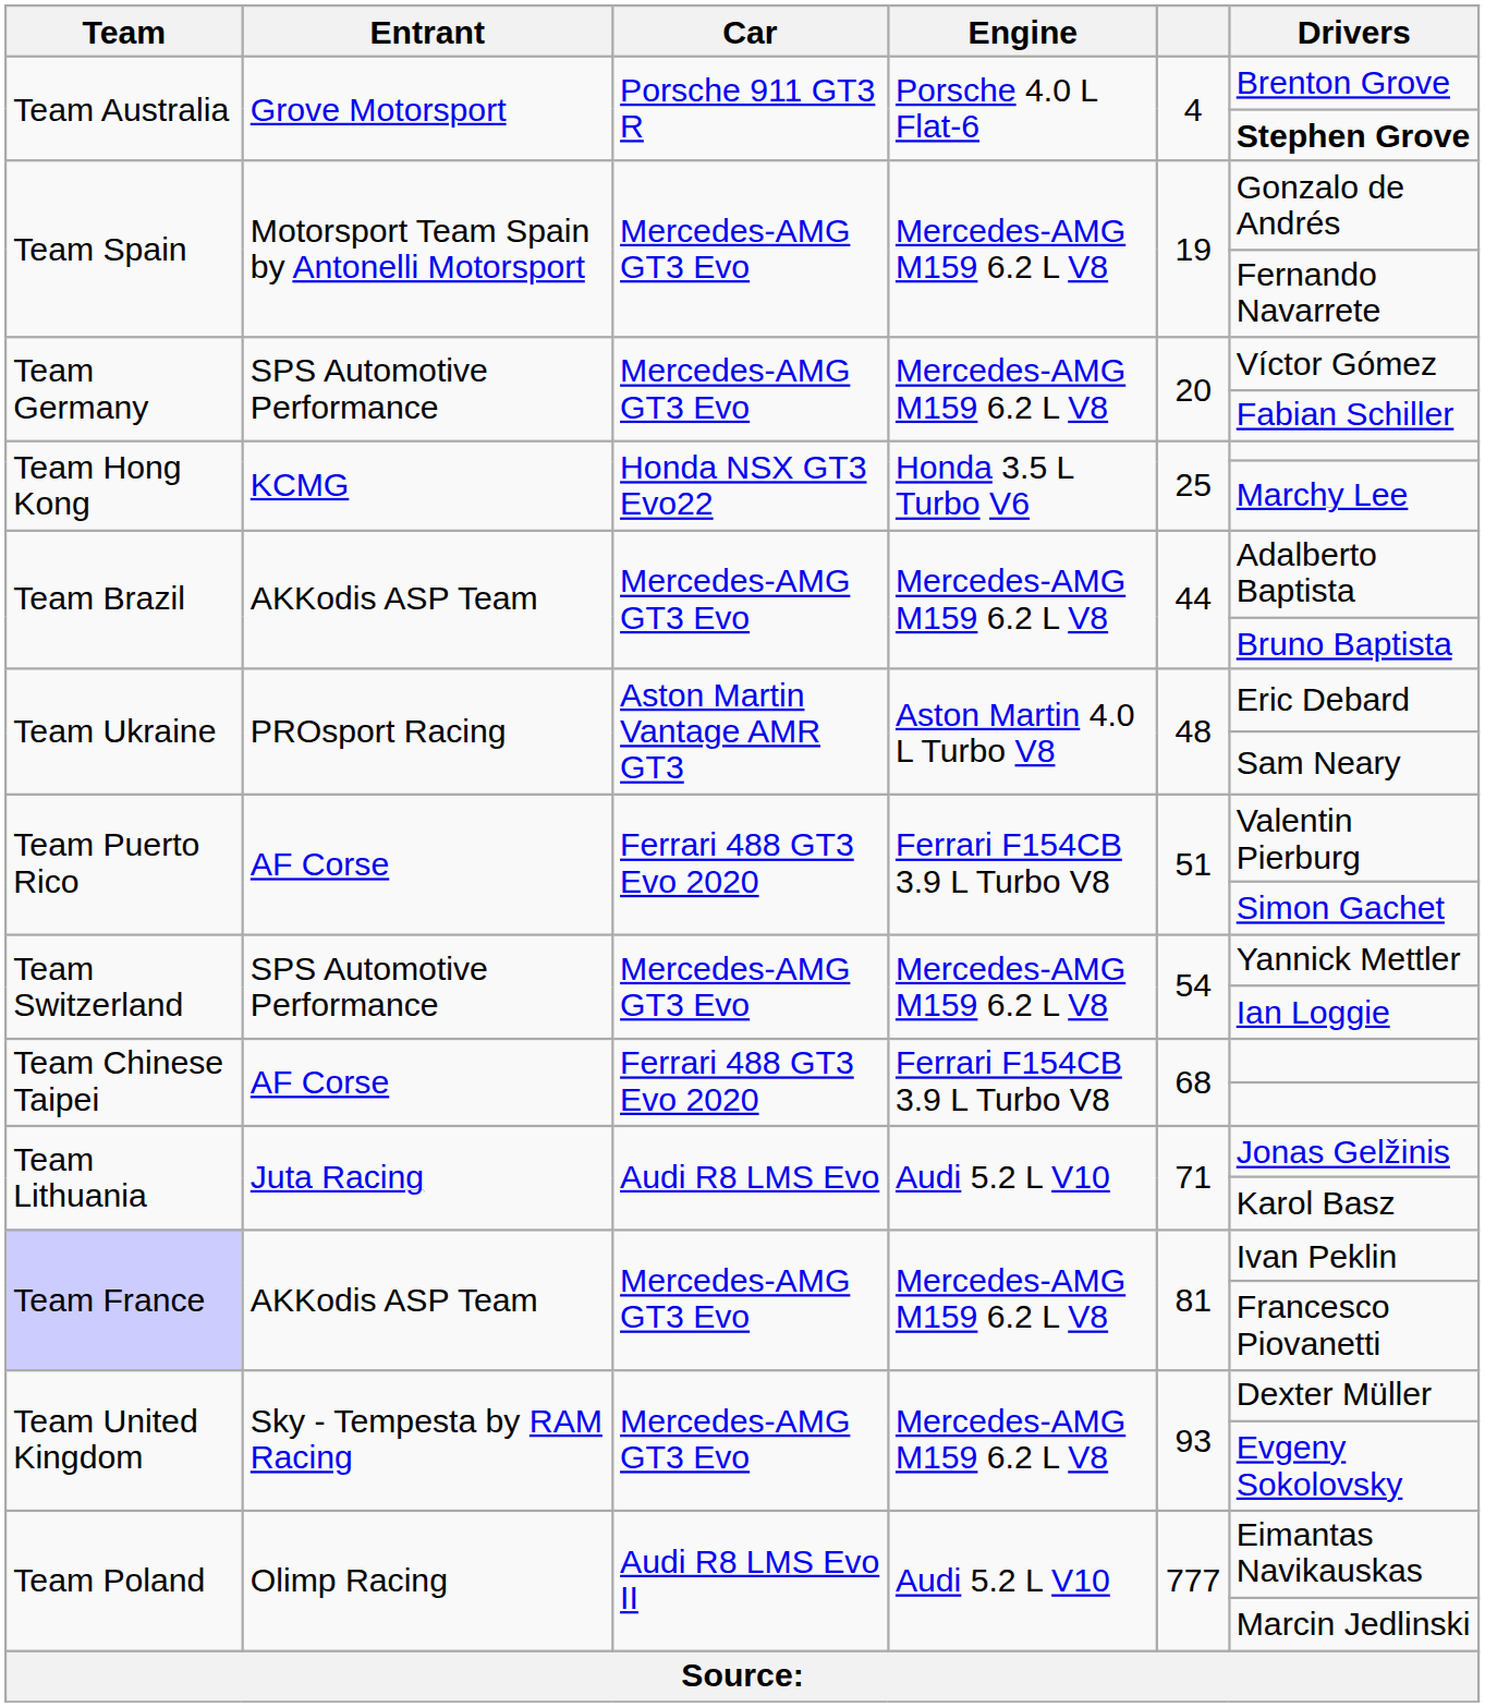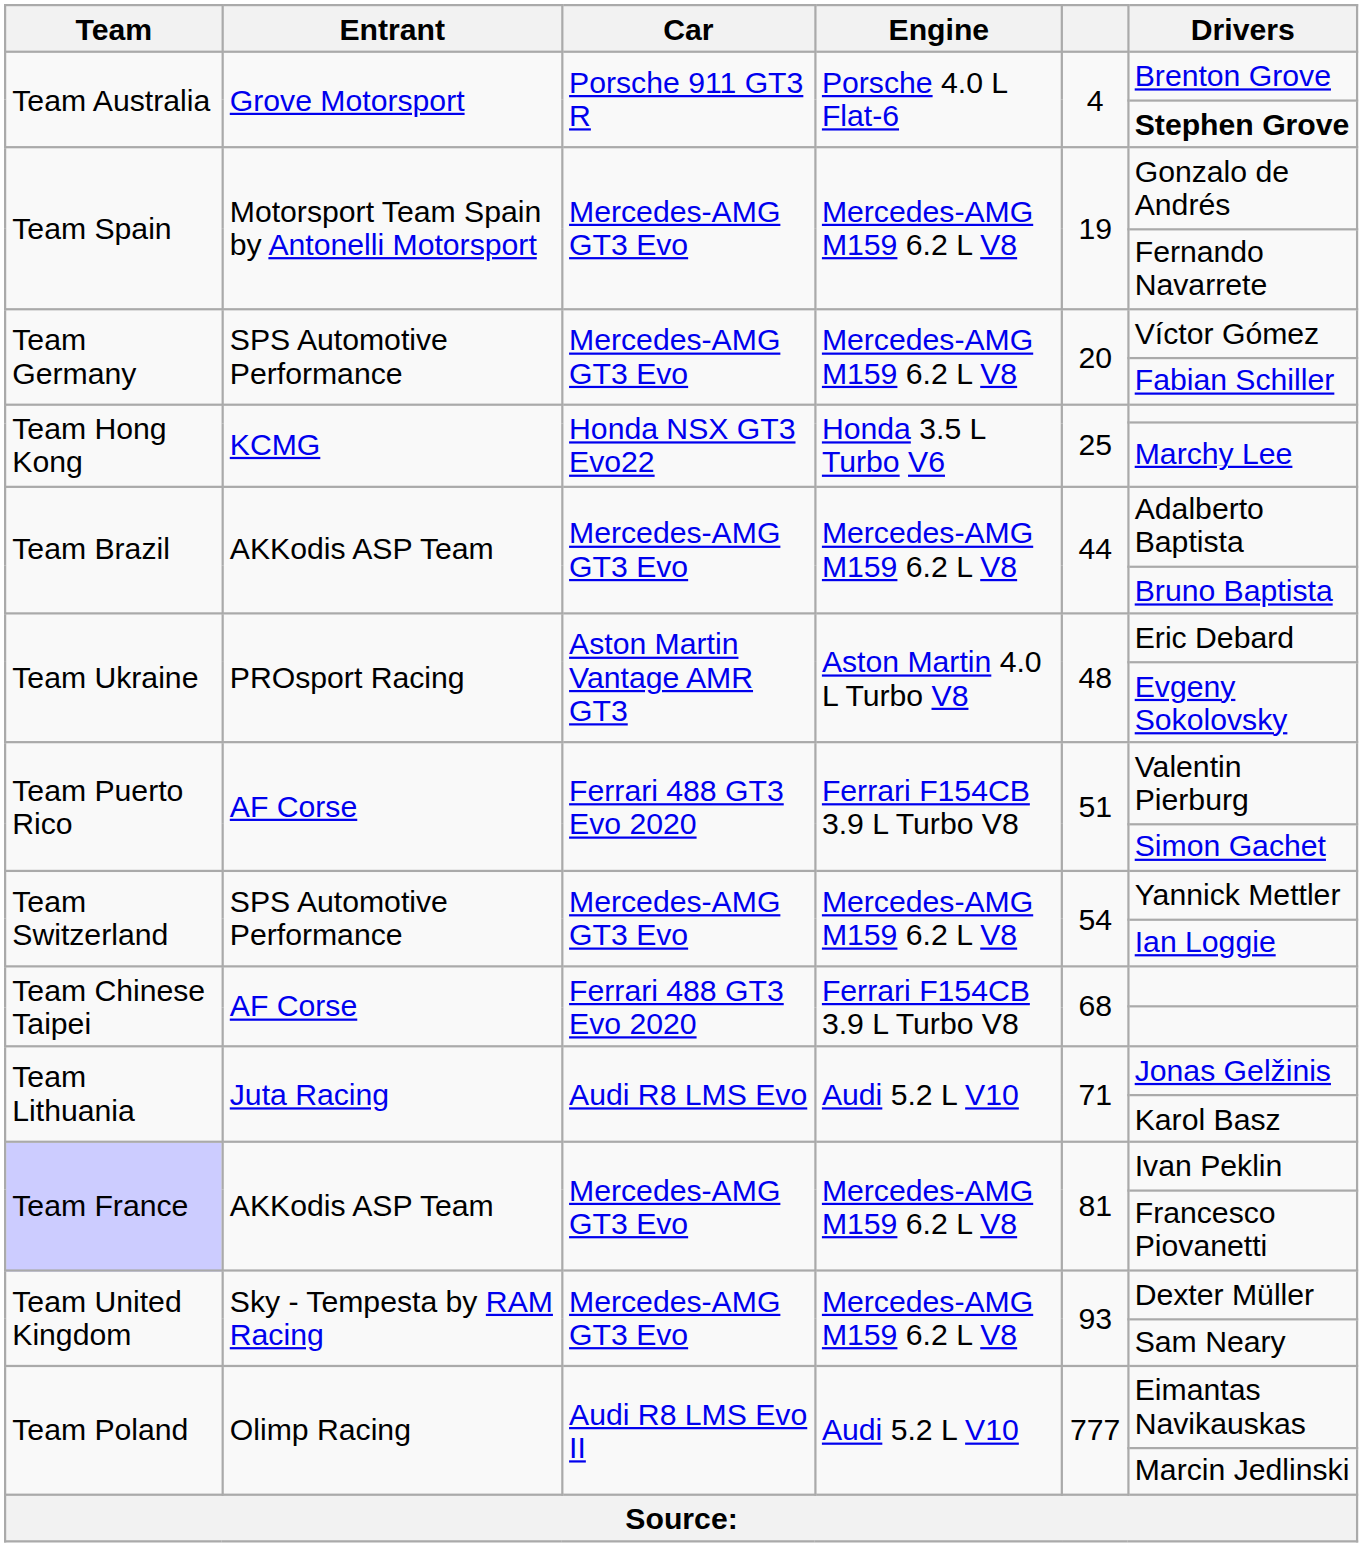 <table class="wikitable" style="font-size: 85%;">
 <tr>
 <th>Team</th>
 <th>Entrant</th>
 <th>Car</th>
 <th>Engine</th>
 <th></th>
 <th>Drivers</th>
 </tr>
 <tr>
 <td rowspan="2"> Team Australia</td>
 <td rowspan="2"> <a href='#'>Grove Motorsport</a></td>
 <td rowspan="2"><a href='#'>Porsche 911 GT3 R</a></td>
 <td rowspan="2"><a href='#'>Porsche</a> 4.0 L <a href='#'>Flat-6</a></td>
 <td rowspan="2" align="center">4</td>
 <td><a href='#'>Brenton Grove</a></td>
 </tr>
 <tr>
 <td><strong>Stephen Grove</strong></td>
 </tr>
 <tr>
 <td rowspan="2"> Team Spain</td>
 <td rowspan="2"> Motorsport Team Spain by <a href='#'>Antonelli Motorsport</a></td>
 <td rowspan="2"><a href='#'>Mercedes-AMG GT3 Evo</a></td>
 <td rowspan="2"><a href='#'>Mercedes-AMG M159</a> 6.2 L <a href='#'>V8</a></td>
 <td rowspan="2" align="center">19</td>
 <td>Gonzalo de Andrés</td>
 </tr>
 <tr>
 <td>Fernando Navarrete</td>
 </tr>
 <tr>
 <td rowspan="2"> Team Germany</td>
 <td rowspan="2"> SPS Automotive Performance</td>
 <td rowspan="2"><a href='#'>Mercedes-AMG GT3 Evo</a></td>
 <td rowspan="2"><a href='#'>Mercedes-AMG M159</a> 6.2 L <a href='#'>V8</a></td>
 <td rowspan="2" align="center">20</td>
 <td>Víctor Gómez</td>
 </tr>
 <tr>
 <td><a href='#'>Fabian Schiller</a></td>
 </tr>
 <tr>
 <td rowspan="2"> Team Hong Kong</td>
 <td rowspan="2"> <a href='#'>KCMG</a></td>
 <td rowspan="2"><a href='#'>Honda NSX GT3 Evo22</a></td>
 <td rowspan="2"><a href='#'>Honda</a> 3.5 L <a href='#'>Turbo</a> <a href='#'>V6</a></td>
 <td rowspan="2" align="center">25</td>
 <td></td>
 </tr>
 <tr>
 <td><a href='#'>Marchy Lee</a></td>
 </tr>
 <tr>
 <td rowspan="2"> Team Brazil</td>
 <td rowspan="2"> AKKodis ASP Team</td>
 <td rowspan="2"><a href='#'>Mercedes-AMG GT3 Evo</a></td>
 <td rowspan="2"><a href='#'>Mercedes-AMG M159</a> 6.2 L <a href='#'>V8</a></td>
 <td rowspan="2" align="center">44</td>
 <td>Adalberto Baptista</td>
 </tr>
 <tr>
 <td><a href='#'>Bruno Baptista</a></td>
 </tr>
 <tr>
 <td rowspan="2"> Team Ukraine</td>
 <td rowspan="2"> PROsport Racing</td>
 <td rowspan="2"><a href='#'>Aston Martin Vantage AMR GT3</a></td>
 <td rowspan="2"><a href='#'>Aston Martin</a> 4.0 L Turbo <a href='#'>V8</a></td>
 <td rowspan="2" align="center">48</td>
 <td>Eric Debard</td>
 </tr>
 <tr>
-<td>Sam Neary</td>
+<td><a href='#'>Evgeny Sokolovsky</a></td>
 </tr>
 <tr>
 <td rowspan="2"> Team Puerto Rico</td>
 <td rowspan="2"> <a href='#'>AF Corse</a></td>
 <td rowspan="2"><a href='#'>Ferrari 488 GT3 Evo 2020</a></td>
 <td rowspan="2"><a href='#'>Ferrari F154CB</a> 3.9 L Turbo V8</td>
 <td rowspan="2" align="center">51</td>
 <td>Valentin Pierburg</td>
 </tr>
 <tr>
 <td><a href='#'>Simon Gachet</a></td>
 </tr>
 <tr>
 <td rowspan="2"> Team Switzerland</td>
 <td rowspan="2"> SPS Automotive Performance</td>
 <td rowspan="2"><a href='#'>Mercedes-AMG GT3 Evo</a></td>
 <td rowspan="2"><a href='#'>Mercedes-AMG M159</a> 6.2 L <a href='#'>V8</a></td>
 <td rowspan="2" align="center">54</td>
 <td>Yannick Mettler</td>
 </tr>
 <tr>
 <td><a href='#'>Ian Loggie</a></td>
 </tr>
 <tr>
 <td rowspan="2"> Team Chinese Taipei</td>
 <td rowspan="2"> <a href='#'>AF Corse</a></td>
 <td rowspan="2"><a href='#'>Ferrari 488 GT3 Evo 2020</a></td>
 <td rowspan="2"><a href='#'>Ferrari F154CB</a> 3.9 L Turbo V8</td>
 <td rowspan="2" align="center">68</td>
 <td></td>
 </tr>
 <tr>
 <td></td>
 </tr>
 <tr>
 <td rowspan="2"> Team Lithuania</td>
 <td rowspan="2"> <a href='#'>Juta Racing</a></td>
 <td rowspan="2"><a href='#'>Audi R8 LMS Evo</a></td>
 <td rowspan="2"><a href='#'>Audi</a> 5.2 L <a href='#'>V10</a></td>
 <td rowspan="2" align="center">71</td>
 <td><a href='#'>Jonas Gelžinis</a></td>
 </tr>
 <tr>
 <td>Karol Basz</td>
 </tr>
 <tr>
 <td style="background:#ccccff" rowspan="2"> Team France</td>
 <td rowspan="2"> AKKodis ASP Team</td>
 <td rowspan="2"><a href='#'>Mercedes-AMG GT3 Evo</a></td>
 <td rowspan="2"><a href='#'>Mercedes-AMG M159</a> 6.2 L <a href='#'>V8</a></td>
 <td rowspan="2" align="center">81</td>
 <td>Ivan Peklin</td>
 </tr>
 <tr>
 <td>Francesco Piovanetti</td>
 </tr>
 <tr>
 <td rowspan="2"> Team United Kingdom</td>
 <td rowspan="2"> Sky - Tempesta by <a href='#'>RAM Racing</a></td>
 <td rowspan="2"><a href='#'>Mercedes-AMG GT3 Evo</a></td>
 <td rowspan="2"><a href='#'>Mercedes-AMG M159</a> 6.2 L <a href='#'>V8</a></td>
 <td rowspan="2" align="center">93</td>
 <td>Dexter Müller</td>
 </tr>
 <tr>
-<td><a href='#'>Evgeny Sokolovsky</a></td>
+<td>Sam Neary</td>
 </tr>
 <tr>
 <td rowspan="2"> Team Poland</td>
 <td rowspan="2"> Olimp Racing</td>
 <td rowspan="2"><a href='#'>Audi R8 LMS Evo II</a></td>
 <td rowspan="2"><a href='#'>Audi</a> 5.2 L <a href='#'>V10</a></td>
 <td rowspan="2" align="center">777</td>
 <td>Eimantas Navikauskas</td>
 </tr>
 <tr>
 <td>Marcin Jedlinski</td>
 </tr>
 <tr>
 <th colspan=6>Source:</th>
 </tr>
 </table>
